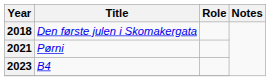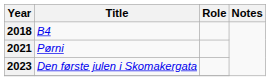 <table class="wikitable plainrowheaders sortable"  style=font-size:100%>
 <tr>
 <th scope="col">Year</th>
 <th scope="col">Title</th>
 <th scope="col">Role</th>
 <th scope="col">Notes</th>
 </tr>
 <tr>
 <th scope=row>2018</th>
-<td><em><a href='#'>Den første julen i Skomakergata</a></em></td>
+<td><em><a href='#'>B4</a></em></td>
 <td></td>
 </tr>
 <tr>
 <th scope=row>2021</th>
 <td><em><a href='#'>Pørni </a></em></td>
 <td></td>
 </tr>
 <tr>
 <th scope=row>2023</th>
-<td><em><a href='#'>B4</a></em></td>
+<td><em><a href='#'>Den første julen i Skomakergata</a></em></td>
 <td></td>
 </tr>
 <tr>
 </tr>
 </table>
